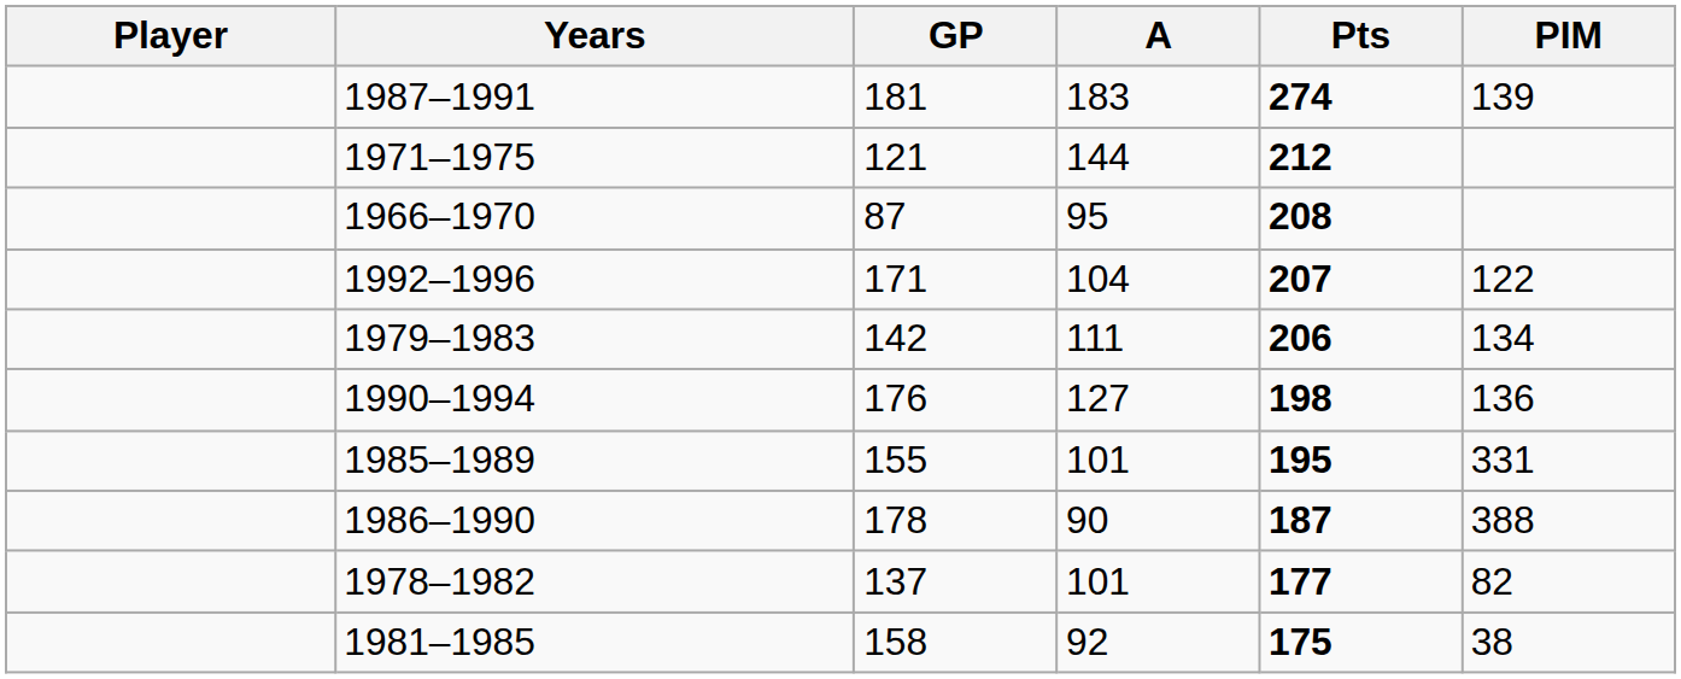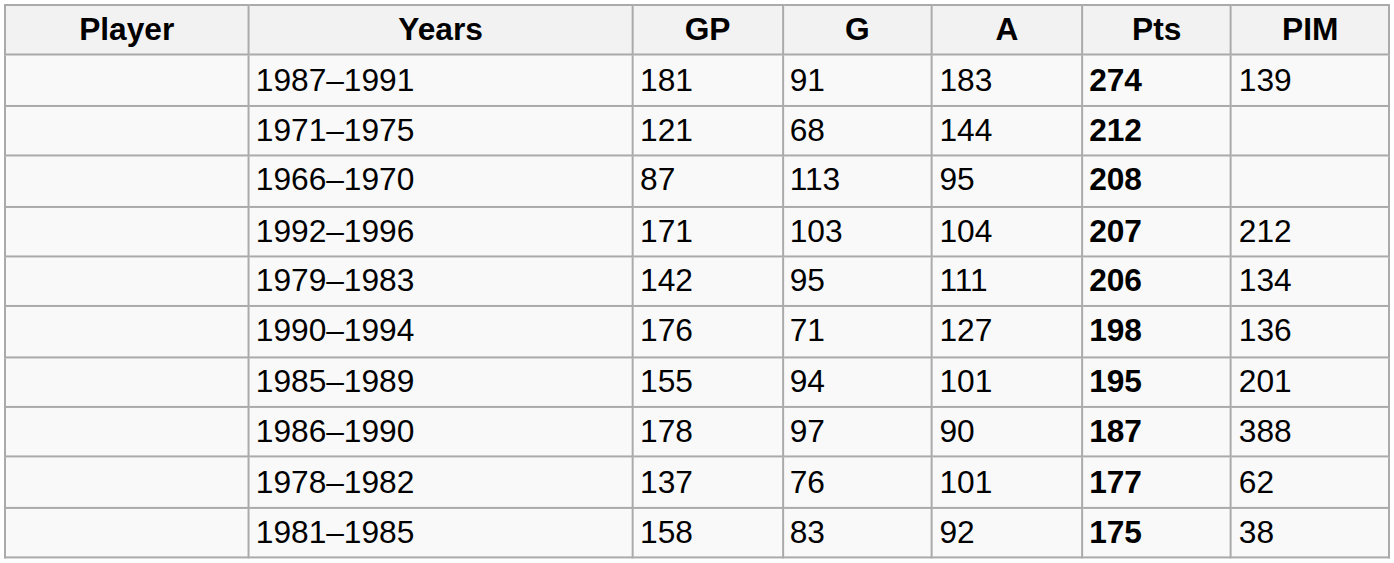 <table class="wikitable sortable" width ="700" cellpadding="1" border="1" cellspacing="0">
 <tr>
 <th>Player</th>
 <th>Years</th>
 <th>GP</th>
+<th>G</th>
 <th>A</th>
 <th>Pts</th>
 <th>PIM</th>
 </tr>
 <tr>
 <td></td>
 <td>1987–1991</td>
 <td>181</td>
+<td>91</td>
 <td>183</td>
 <td><strong>274</strong></td>
 <td>139</td>
 </tr>
 <tr>
 <td></td>
 <td>1971–1975</td>
 <td>121</td>
+<td>68</td>
 <td>144</td>
 <td><strong>212</strong></td>
 <td></td>
 </tr>
 <tr>
 <td></td>
 <td>1966–1970</td>
 <td>87</td>
+<td>113</td>
 <td>95</td>
 <td><strong>208</strong></td>
 <td></td>
 </tr>
 <tr>
 <td></td>
 <td>1992–1996</td>
 <td>171</td>
+<td>103</td>
 <td>104</td>
 <td><strong>207</strong></td>
-<td>122</td>
+<td>212</td>
 </tr>
 <tr>
 <td></td>
 <td>1979–1983</td>
 <td>142</td>
+<td>95</td>
 <td>111</td>
 <td><strong>206</strong></td>
 <td>134</td>
 </tr>
 <tr>
 <td></td>
 <td>1990–1994</td>
 <td>176</td>
+<td>71</td>
 <td>127</td>
 <td><strong>198</strong></td>
 <td>136</td>
 </tr>
 <tr>
 <td></td>
 <td>1985–1989</td>
 <td>155</td>
+<td>94</td>
 <td>101</td>
 <td><strong>195</strong></td>
-<td>331</td>
+<td>201</td>
 </tr>
 <tr>
 <td></td>
 <td>1986–1990</td>
 <td>178</td>
+<td>97</td>
 <td>90</td>
 <td><strong>187</strong></td>
 <td>388</td>
 </tr>
 <tr>
 <td></td>
 <td>1978–1982</td>
 <td>137</td>
+<td>76</td>
 <td>101</td>
 <td><strong>177</strong></td>
-<td>82</td>
+<td>62</td>
 </tr>
 <tr>
 <td></td>
 <td>1981–1985</td>
 <td>158</td>
+<td>83</td>
 <td>92</td>
 <td><strong>175</strong></td>
 <td>38</td>
 </tr>
 </table>
